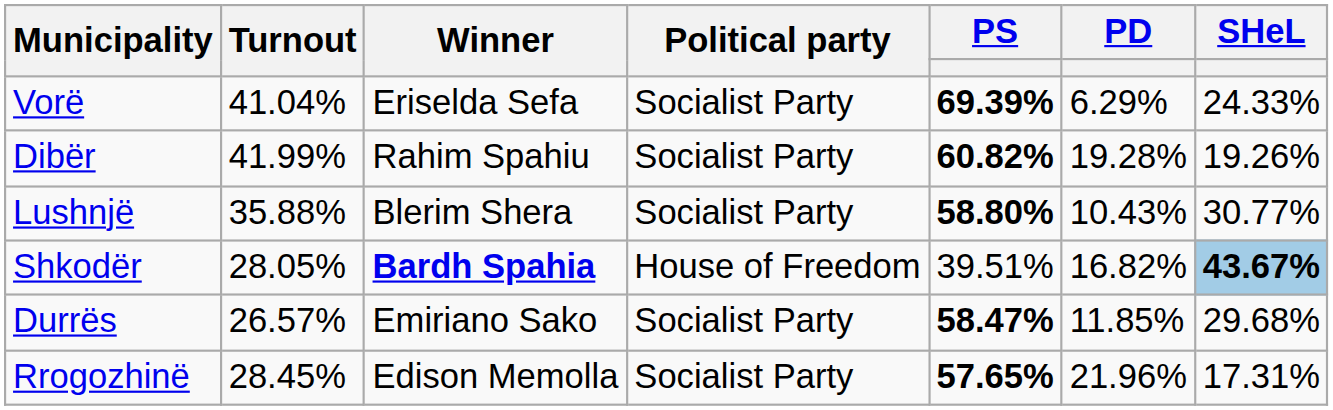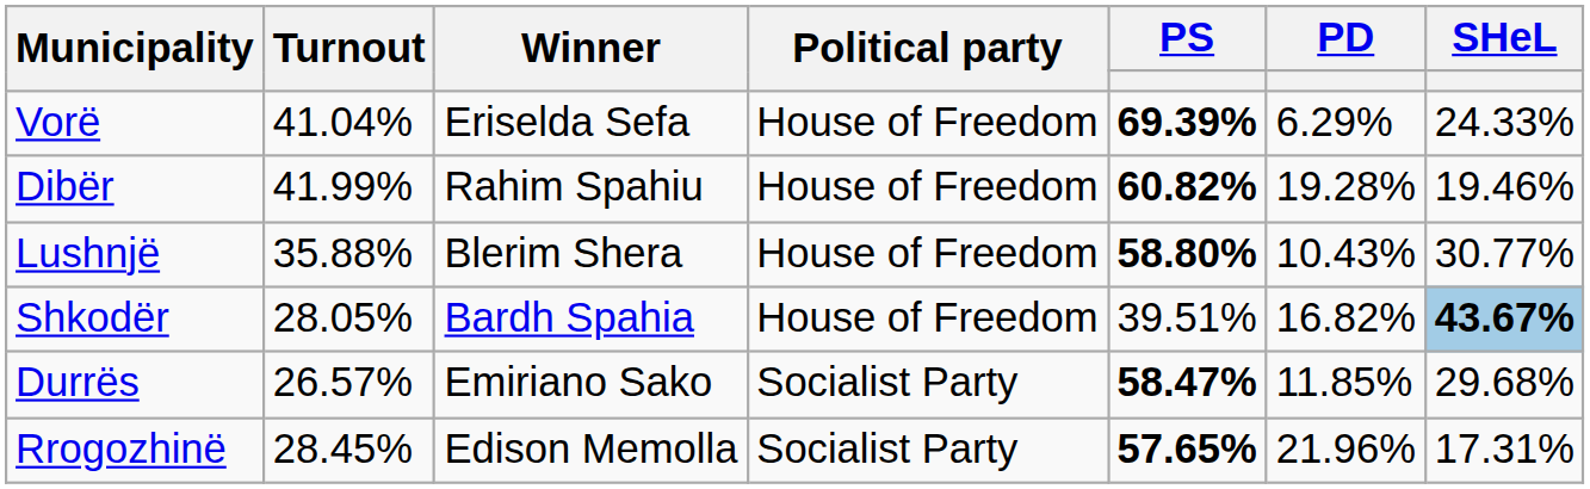 <table class="wikitable">
 <tr>
 <th rowspan="2">Municipality</th>
 <th rowspan="2">Turnout</th>
 <th rowspan="2">Winner</th>
 <th rowspan="2">Political party</th>
 <th colspan="1" width="30px" class="unsortable"><a href='#'>PS</a></th>
 <th colspan="1" width="30px" class="unsortable"><a href='#'>PD</a></th>
 <th colspan="1" width="30px" class="unsortable"><a href='#'>SHeL</a></th>
 </tr>
 <tr>
 <th colspan="1" style="background:"></th>
 <th colspan="1" style="background:"></th>
 <th colspan="1" style="background:"></th>
 </tr>
 <tr>
 <td><a href='#'>Vorë</a></td>
 <td>41.04%</td>
 <td>Eriselda Sefa</td>
-<td>Socialist Party</td>
+<td>House of Freedom</td>
 <td><strong>69.39%</strong></td>
 <td>6.29%</td>
 <td>24.33%</td>
 </tr>
 <tr>
 <td><a href='#'>Dibër</a></td>
 <td>41.99%</td>
 <td>Rahim Spahiu</td>
-<td>Socialist Party</td>
+<td>House of Freedom</td>
 <td><strong>60.82%</strong></td>
 <td>19.28%</td>
-<td>19.26%</td>
+<td>19.46%</td>
 </tr>
 <tr>
 <td><a href='#'>Lushnjë</a></td>
 <td>35.88%</td>
 <td>Blerim Shera</td>
-<td>Socialist Party</td>
+<td>House of Freedom</td>
 <td><strong>58.80%</strong></td>
 <td>10.43%</td>
 <td>30.77%</td>
 </tr>
 <tr>
 <td><a href='#'>Shkodër</a></td>
 <td>28.05%</td>
-<td><strong><a href='#'>Bardh Spahia</a></strong></td>
+<td><a href='#'>Bardh Spahia</a></td>
 <td>House of Freedom</td>
 <td>39.51%</td>
 <td>16.82%</td>
 <td style="background:#A2CCE6FF"><strong>43.67%</strong></td>
 </tr>
 <tr>
 <td><a href='#'>Durrës</a></td>
 <td>26.57%</td>
 <td>Emiriano Sako</td>
 <td>Socialist Party</td>
 <td><strong>58.47%</strong></td>
 <td>11.85%</td>
 <td>29.68%</td>
 </tr>
 <tr>
 <td><a href='#'>Rrogozhinë</a></td>
 <td>28.45%</td>
 <td>Edison Memolla</td>
 <td>Socialist Party</td>
 <td><strong>57.65%</strong></td>
 <td>21.96%</td>
 <td>17.31%</td>
 </tr>
 </table>
